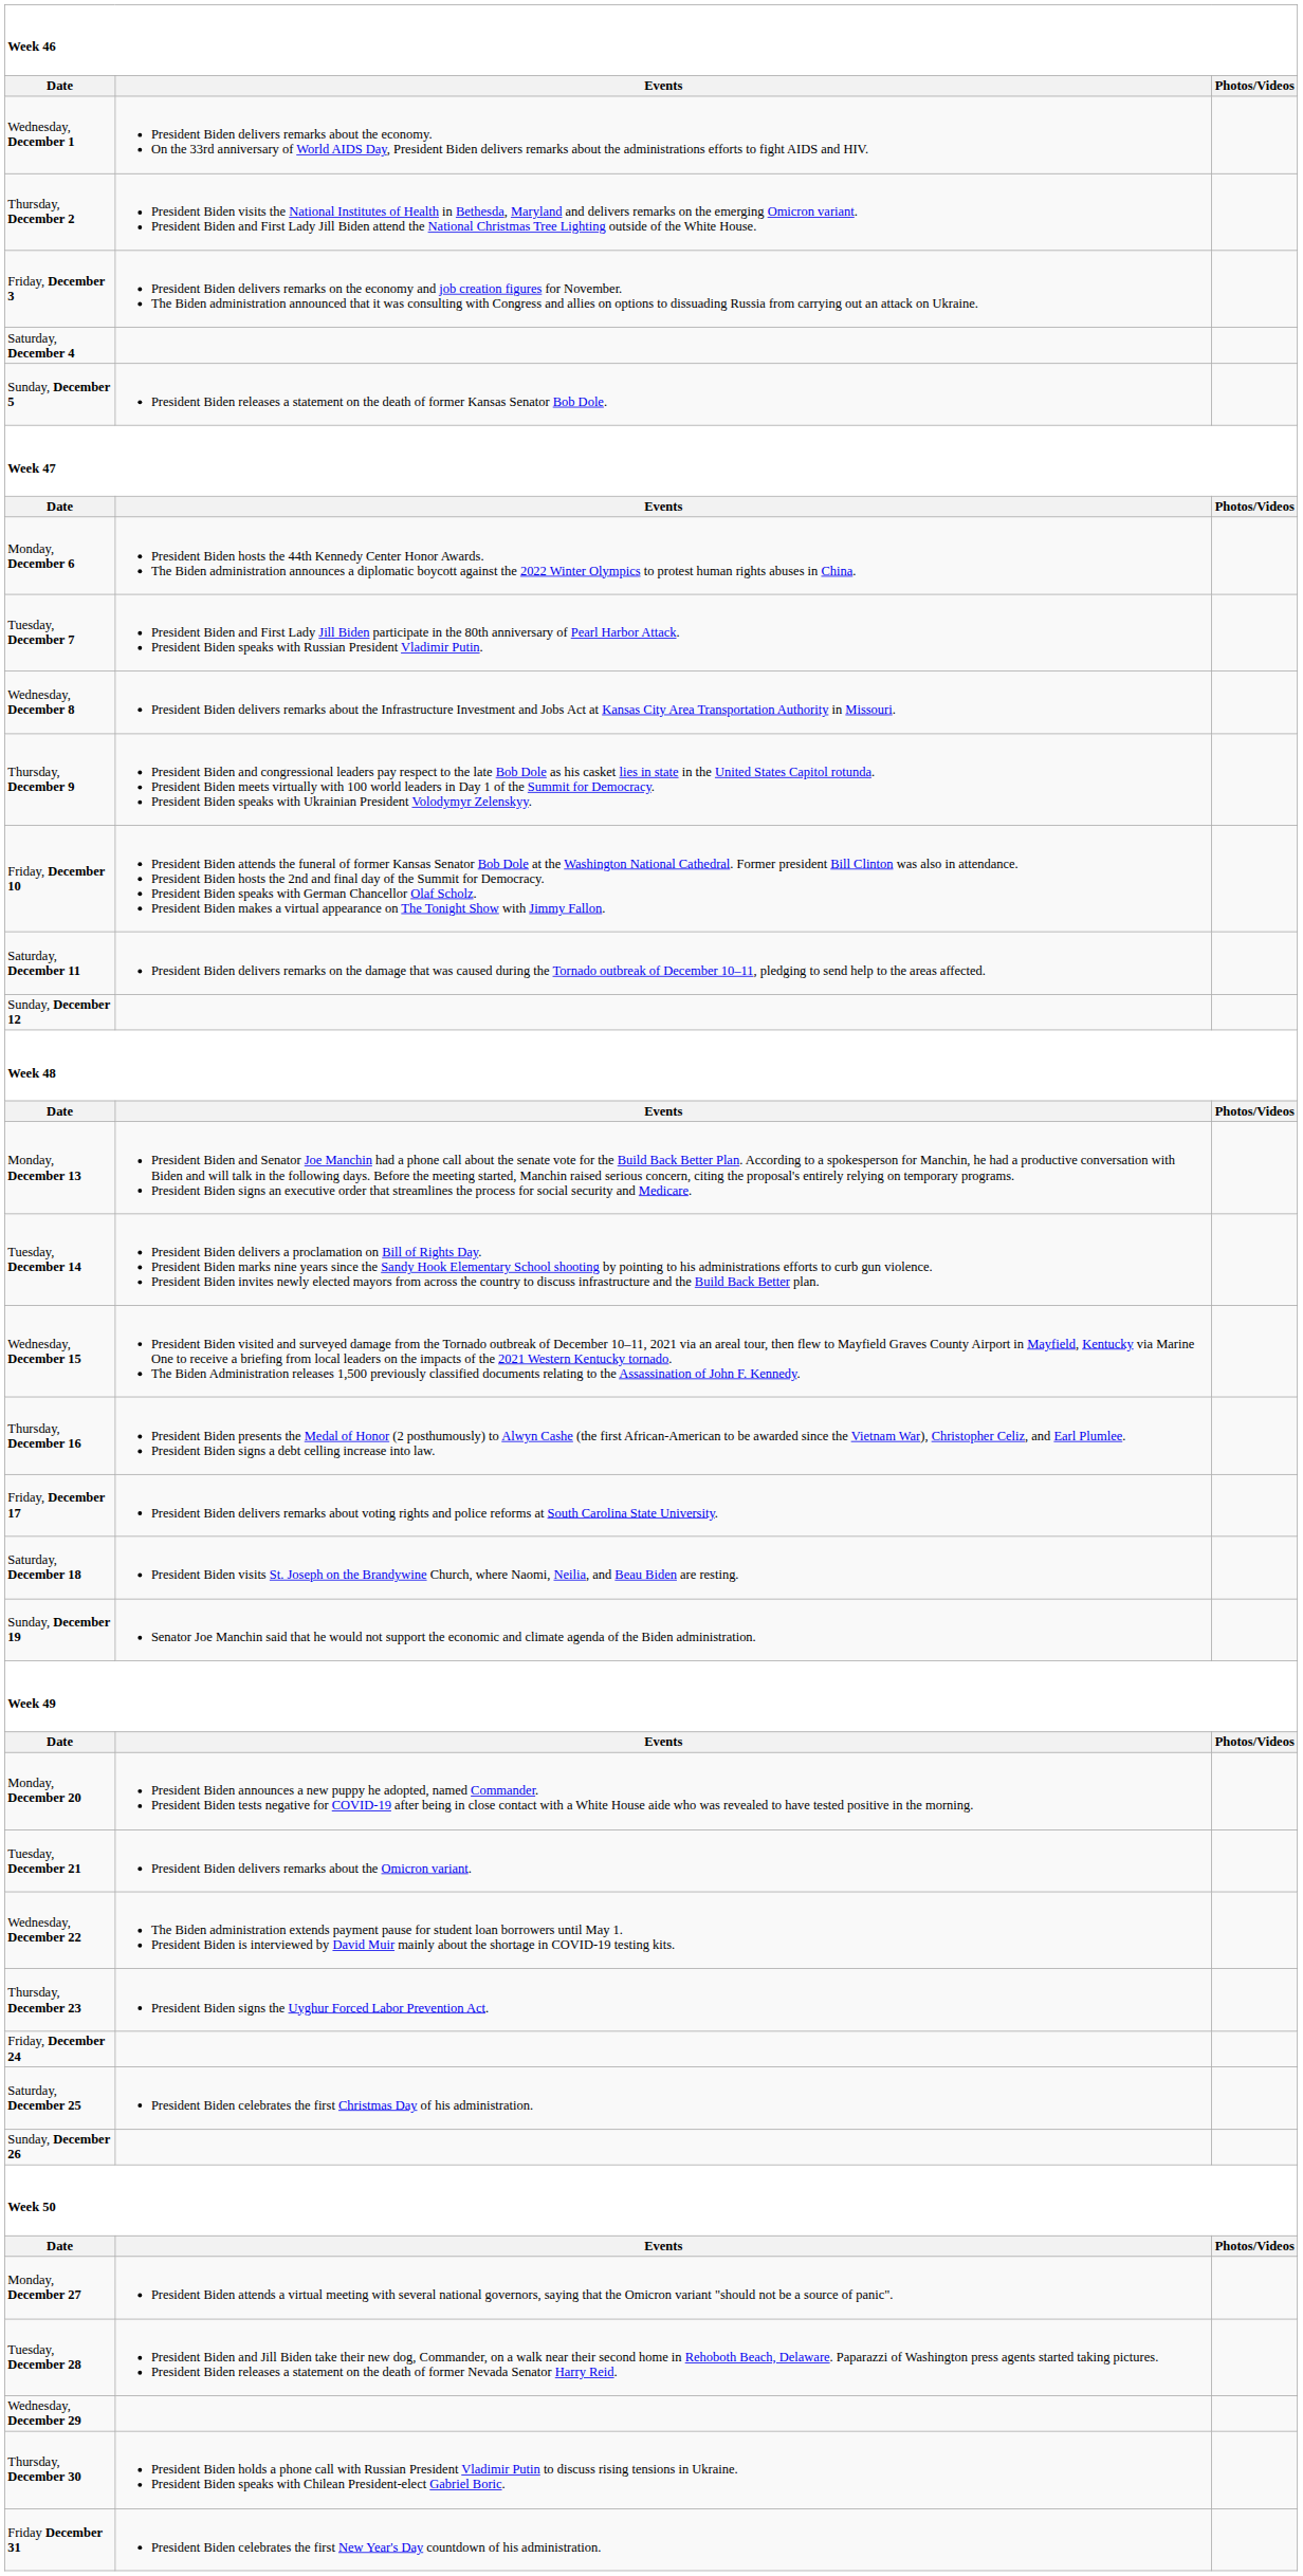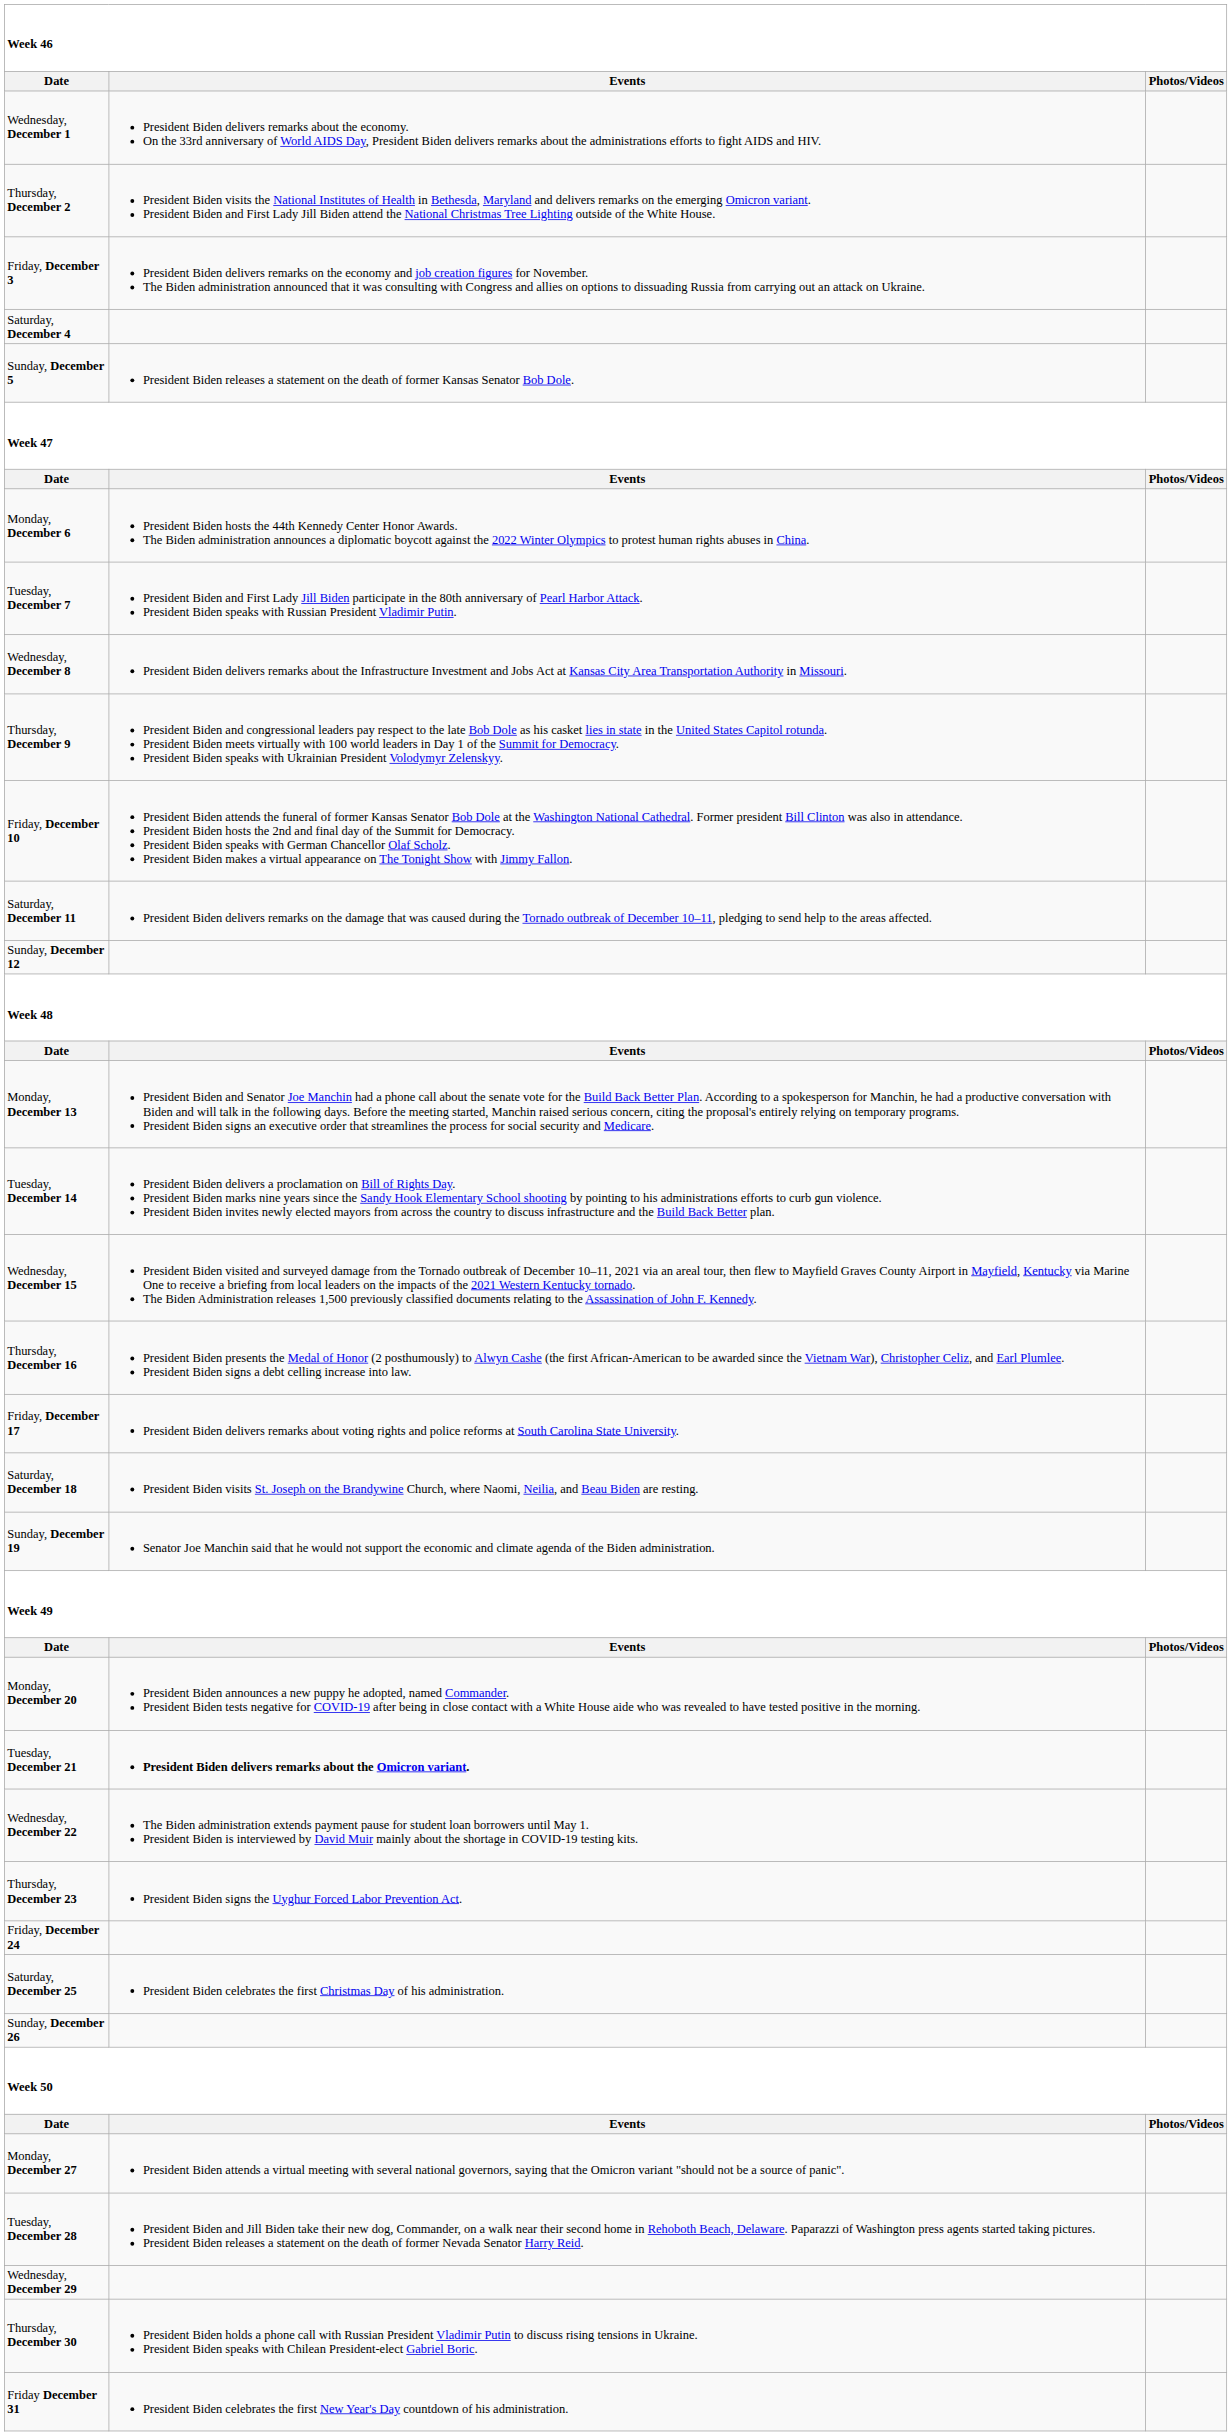 <table class="wikitable">
 <tr style="background:white;">
 <td colspan="3"><br><h4>Week 46</h4></td>
 </tr>
 <tr>
 <th>Date</th>
 <th>Events</th>
 <th>Photos/Videos</th>
 </tr>
 <tr>
 <td>Wednesday, <strong>December 1</strong></td>
 <td><br><ul><li>President Biden delivers remarks about the economy.</li><li>On the 33rd anniversary of <a href='#'>World AIDS Day</a>, President Biden delivers remarks about the administrations efforts to fight AIDS and HIV.</li></ul></td>
 <td></td>
 </tr>
 <tr>
 <td>Thursday, <strong>December 2</strong></td>
 <td><br><ul><li>President Biden visits the <a href='#'>National Institutes of Health</a> in <a href='#'>Bethesda</a>, <a href='#'>Maryland</a> and delivers remarks on the emerging <a href='#'>Omicron variant</a>.</li><li>President Biden and First Lady Jill Biden attend the <a href='#'>National Christmas Tree Lighting</a> outside of the White House.</li></ul></td>
 <td><br></td>
 </tr>
 <tr>
 <td>Friday, <strong>December 3</strong></td>
 <td><br><ul><li>President Biden delivers remarks on the economy and <a href='#'>job creation figures</a> for November.</li><li>The Biden administration announced that it was consulting with Congress and allies on options to dissuading Russia from carrying out an attack on Ukraine.</li></ul></td>
 <td></td>
 </tr>
 <tr>
 <td>Saturday, <strong>December 4</strong></td>
 <td></td>
 <td></td>
 </tr>
 <tr>
 <td>Sunday, <strong>December 5</strong></td>
 <td><br><ul><li>President Biden releases a statement on the death of former Kansas Senator <a href='#'>Bob Dole</a>.</li></ul></td>
 <td></td>
 </tr>
 <tr style="background:white;">
 <td colspan="3"><br><h4>Week 47</h4></td>
 </tr>
 <tr>
 <th>Date</th>
 <th>Events</th>
 <th>Photos/Videos</th>
 </tr>
 <tr>
 <td>Monday, <strong>December 6</strong></td>
 <td><br><ul><li>President Biden hosts the 44th Kennedy Center Honor Awards.</li><li>The Biden administration announces a diplomatic boycott against the <a href='#'>2022 Winter Olympics</a> to protest human rights abuses in <a href='#'>China</a>.</li></ul></td>
 <td></td>
 </tr>
 <tr>
 <td>Tuesday, <strong>December 7</strong></td>
 <td><br><ul><li>President Biden and First Lady <a href='#'>Jill Biden</a> participate in the 80th anniversary of <a href='#'>Pearl Harbor Attack</a>.</li><li>President Biden speaks with Russian President <a href='#'>Vladimir Putin</a>.</li></ul></td>
 <td><br></td>
 </tr>
 <tr>
 <td>Wednesday, <strong>December 8</strong></td>
 <td><br><ul><li>President Biden delivers remarks about the Infrastructure Investment and Jobs Act at <a href='#'>Kansas City Area Transportation Authority</a> in <a href='#'>Missouri</a>.</li></ul></td>
 <td></td>
 </tr>
 <tr>
 <td>Thursday, <strong>December 9</strong></td>
 <td><br><ul><li>President Biden and congressional leaders pay respect to the late <a href='#'>Bob Dole</a> as his casket <a href='#'>lies in state</a> in the <a href='#'>United States Capitol rotunda</a>.</li><li>President Biden meets virtually with 100 world leaders in Day 1 of the <a href='#'>Summit for Democracy</a>.</li><li>President Biden speaks with Ukrainian President <a href='#'>Volodymyr Zelenskyy</a>.</li></ul></td>
 <td><br> </td>
 </tr>
 <tr>
 <td>Friday, <strong>December 10</strong></td>
 <td><br><ul><li>President Biden attends the funeral of former Kansas Senator <a href='#'>Bob Dole</a> at the <a href='#'>Washington National Cathedral</a>. Former president <a href='#'>Bill Clinton</a> was also in attendance.</li><li>President Biden hosts the 2nd and final day of the Summit for Democracy.</li><li>President Biden speaks with German Chancellor <a href='#'>Olaf Scholz</a>.</li><li>President Biden makes a virtual appearance on <a href='#'>The Tonight Show</a> with <a href='#'>Jimmy Fallon</a>.</li></ul></td>
 <td><br></td>
 </tr>
 <tr>
 <td>Saturday, <strong>December 11</strong></td>
 <td><br><ul><li>President Biden delivers remarks on the damage that was caused during the <a href='#'>Tornado outbreak of December 10–11</a>, pledging to send help to the areas affected.</li></ul></td>
 <td></td>
 </tr>
 <tr>
 <td>Sunday, <strong>December 12</strong></td>
 <td></td>
 <td></td>
 </tr>
 <tr style="background:white;">
 <td colspan="3"><br><h4>Week 48</h4></td>
 </tr>
 <tr>
 <th>Date</th>
 <th>Events</th>
 <th>Photos/Videos</th>
 </tr>
 <tr>
 <td>Monday, <strong>December 13</strong></td>
 <td><br><ul><li>President Biden and Senator <a href='#'>Joe Manchin</a> had a phone call about the senate vote for the <a href='#'>Build Back Better Plan</a>. According to a spokesperson for Manchin, he had a productive conversation with Biden and will talk in the following days. Before the meeting started, Manchin raised serious concern, citing the proposal's entirely relying on temporary programs.</li><li>President Biden signs an executive order that streamlines the process for social security and <a href='#'>Medicare</a>.</li></ul></td>
 <td></td>
 </tr>
 <tr>
 <td>Tuesday, <strong>December 14</strong></td>
 <td><br><ul><li>President Biden delivers a proclamation on <a href='#'>Bill of Rights Day</a>.</li><li>President Biden marks nine years since the <a href='#'>Sandy Hook Elementary School shooting</a> by pointing to his administrations efforts to curb gun violence.</li><li>President Biden invites newly elected mayors from across the country to discuss infrastructure and the <a href='#'>Build Back Better</a> plan.</li></ul></td>
 <td><br></td>
 </tr>
 <tr>
 <td>Wednesday, <strong>December 15</strong></td>
 <td><br><ul><li>President Biden visited and surveyed damage from the Tornado outbreak of December 10–11, 2021 via an areal tour, then flew to Mayfield Graves County Airport in <a href='#'>Mayfield</a>, <a href='#'>Kentucky</a> via Marine One to receive a briefing from local leaders on the impacts of the <a href='#'>2021 Western Kentucky tornado</a>.</li><li>The Biden Administration releases 1,500 previously classified documents relating to the <a href='#'>Assassination of John F. Kennedy</a>.</li></ul></td>
 <td></td>
 </tr>
 <tr>
 <td>Thursday, <strong>December 16</strong></td>
 <td><br><ul><li>President Biden presents the <a href='#'>Medal of Honor</a> (2 posthumously) to <a href='#'>Alwyn Cashe</a> (the first African-American to be awarded since the <a href='#'>Vietnam War</a>), <a href='#'>Christopher Celiz</a>, and <a href='#'>Earl Plumlee</a>.</li><li>President Biden signs a debt celling increase into law.</li></ul></td>
 <td></td>
 </tr>
 <tr>
 <td>Friday, <strong>December 17</strong></td>
 <td><br><ul><li>President Biden delivers remarks about voting rights and police reforms at <a href='#'>South Carolina State University</a>.</li></ul></td>
 <td></td>
 </tr>
 <tr>
 <td>Saturday, <strong>December 18</strong></td>
 <td><br><ul><li>President Biden visits <a href='#'>St. Joseph on the Brandywine</a> Church, where Naomi, <a href='#'>Neilia</a>, and <a href='#'>Beau Biden</a> are resting.</li></ul></td>
 <td></td>
 </tr>
 <tr>
 <td>Sunday, <strong>December 19</strong></td>
 <td><br><ul><li>Senator Joe Manchin said that he would not support the economic and climate agenda of the Biden administration.</li></ul></td>
 <td></td>
 </tr>
 <tr style="background:white;">
 <td colspan="3"><br><h4>Week 49</h4></td>
 </tr>
 <tr>
 <th>Date</th>
 <th>Events</th>
 <th>Photos/Videos</th>
 </tr>
 <tr>
 <td>Monday, <strong>December 20</strong></td>
 <td><br><ul><li>President Biden announces a new puppy he adopted, named <a href='#'>Commander</a>.</li><li>President Biden tests negative for <a href='#'>COVID-19</a> after being in close contact with a White House aide who was revealed to have tested positive in the morning.</li></ul></td>
 <td></td>
 </tr>
 <tr>
 <td>Tuesday, <strong>December 21</strong></td>
-<td><br><ul><li>President Biden delivers remarks about the <a href='#'>Omicron variant</a>.</li></ul></td>
+<td><strong><br><ul><li>President Biden delivers remarks about the <a href='#'>Omicron variant</a>.</li></ul></strong></td>
 <td></td>
 </tr>
 <tr>
 <td>Wednesday, <strong>December 22</strong></td>
 <td><br><ul><li>The Biden administration extends payment pause for student loan borrowers until May 1.</li><li>President Biden is interviewed by <a href='#'>David Muir</a> mainly about the shortage in COVID-19 testing kits.</li></ul></td>
 <td></td>
 </tr>
 <tr>
 <td>Thursday, <strong>December 23</strong></td>
 <td><br><ul><li>President Biden signs the <a href='#'>Uyghur Forced Labor Prevention Act</a>.</li></ul></td>
 <td></td>
 </tr>
 <tr>
 <td>Friday, <strong>December 24</strong></td>
 <td></td>
 <td></td>
 </tr>
 <tr>
 <td>Saturday, <strong>December 25</strong></td>
 <td><br><ul><li>President Biden celebrates the first <a href='#'>Christmas Day</a> of his administration.</li></ul></td>
 <td></td>
 </tr>
 <tr>
 <td>Sunday, <strong>December 26</strong></td>
 <td></td>
 <td></td>
 </tr>
 <tr style="background:white;">
 <td colspan="3"><br><h4>Week 50</h4></td>
 </tr>
 <tr>
 <th>Date</th>
 <th>Events</th>
 <th>Photos/Videos</th>
 </tr>
 <tr>
 <td>Monday, <strong>December 27</strong></td>
 <td><br><ul><li>President Biden attends a virtual meeting with several national governors, saying that the Omicron variant "should not be a source of panic".</li></ul></td>
 <td></td>
 </tr>
 <tr>
 <td>Tuesday, <strong>December 28</strong></td>
 <td><br><ul><li>President Biden and Jill Biden take their new dog, Commander, on a walk near their second home in <a href='#'>Rehoboth Beach, Delaware</a>. Paparazzi of Washington press agents started taking pictures.</li><li>President Biden releases a statement on the death of former Nevada Senator <a href='#'>Harry Reid</a>.</li></ul></td>
 <td></td>
 </tr>
 <tr>
 <td>Wednesday, <strong>December 29</strong></td>
 <td></td>
 <td></td>
 </tr>
 <tr>
 <td>Thursday, <strong>December 30</strong></td>
 <td><br><ul><li>President Biden holds a phone call with Russian President <a href='#'>Vladimir Putin</a> to discuss rising tensions in Ukraine.</li><li>President Biden speaks with Chilean President-elect <a href='#'>Gabriel Boric</a>.</li></ul></td>
 <td></td>
 </tr>
 <tr>
 <td>Friday <strong>December 31</strong></td>
 <td><br><ul><li>President Biden celebrates the first <a href='#'>New Year's Day</a> countdown of his administration.</li></ul></td>
 <td></td>
 </tr>
 </table>
